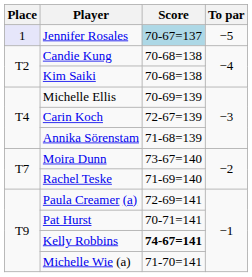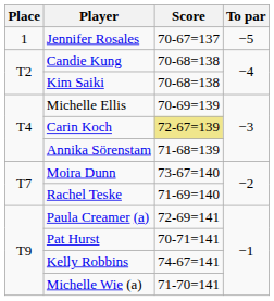 <table class="wikitable">
 <tr>
 <th>Place</th>
 <th>Player</th>
 <th>Score</th>
 <th>To par</th>
 </tr>
 <tr>
-<td align=center style="background: lavender;">1</td>
+<td align=center>1</td>
 <td> <a href='#'>Jennifer Rosales</a></td>
-<td style="background: lightblue;">70-67=137</td>
+<td>70-67=137</td>
 <td align=center>−5</td>
 </tr>
 <tr>
 <td align=center rowspan=2>T2</td>
 <td> <a href='#'>Candie Kung</a></td>
 <td>70-68=138</td>
 <td align=center rowspan=2>−4</td>
 </tr>
 <tr>
 <td> <a href='#'>Kim Saiki</a></td>
 <td>70-68=138</td>
 </tr>
 <tr>
 <td align=center rowspan=3>T4</td>
 <td> Michelle Ellis</td>
 <td>70-69=139</td>
 <td align=center rowspan=3>−3</td>
 </tr>
 <tr>
 <td> <a href='#'>Carin Koch</a></td>
-<td>72-67=139</td>
+<td style="background: khaki;">72-67=139</td>
 </tr>
 <tr>
 <td> <a href='#'>Annika Sörenstam</a></td>
 <td>71-68=139</td>
 </tr>
 <tr>
 <td align=center rowspan=2>T7</td>
 <td> <a href='#'>Moira Dunn</a></td>
 <td>73-67=140</td>
 <td align=center rowspan=2>−2</td>
 </tr>
 <tr>
 <td> <a href='#'>Rachel Teske</a></td>
 <td>71-69=140</td>
 </tr>
 <tr>
 <td align=center rowspan=4>T9</td>
 <td> <a href='#'>Paula Creamer</a> <a href='#'>(a)</a></td>
 <td>72-69=141</td>
 <td align=center rowspan=4>−1</td>
 </tr>
 <tr>
 <td> <a href='#'>Pat Hurst</a></td>
 <td>70-71=141</td>
 </tr>
 <tr>
 <td> <a href='#'>Kelly Robbins</a></td>
-<td><strong>74-67=141</strong></td>
+<td>74-67=141</td>
 </tr>
 <tr>
 <td> <a href='#'>Michelle Wie</a> (a)</td>
 <td>71-70=141</td>
 </tr>
 </table>
